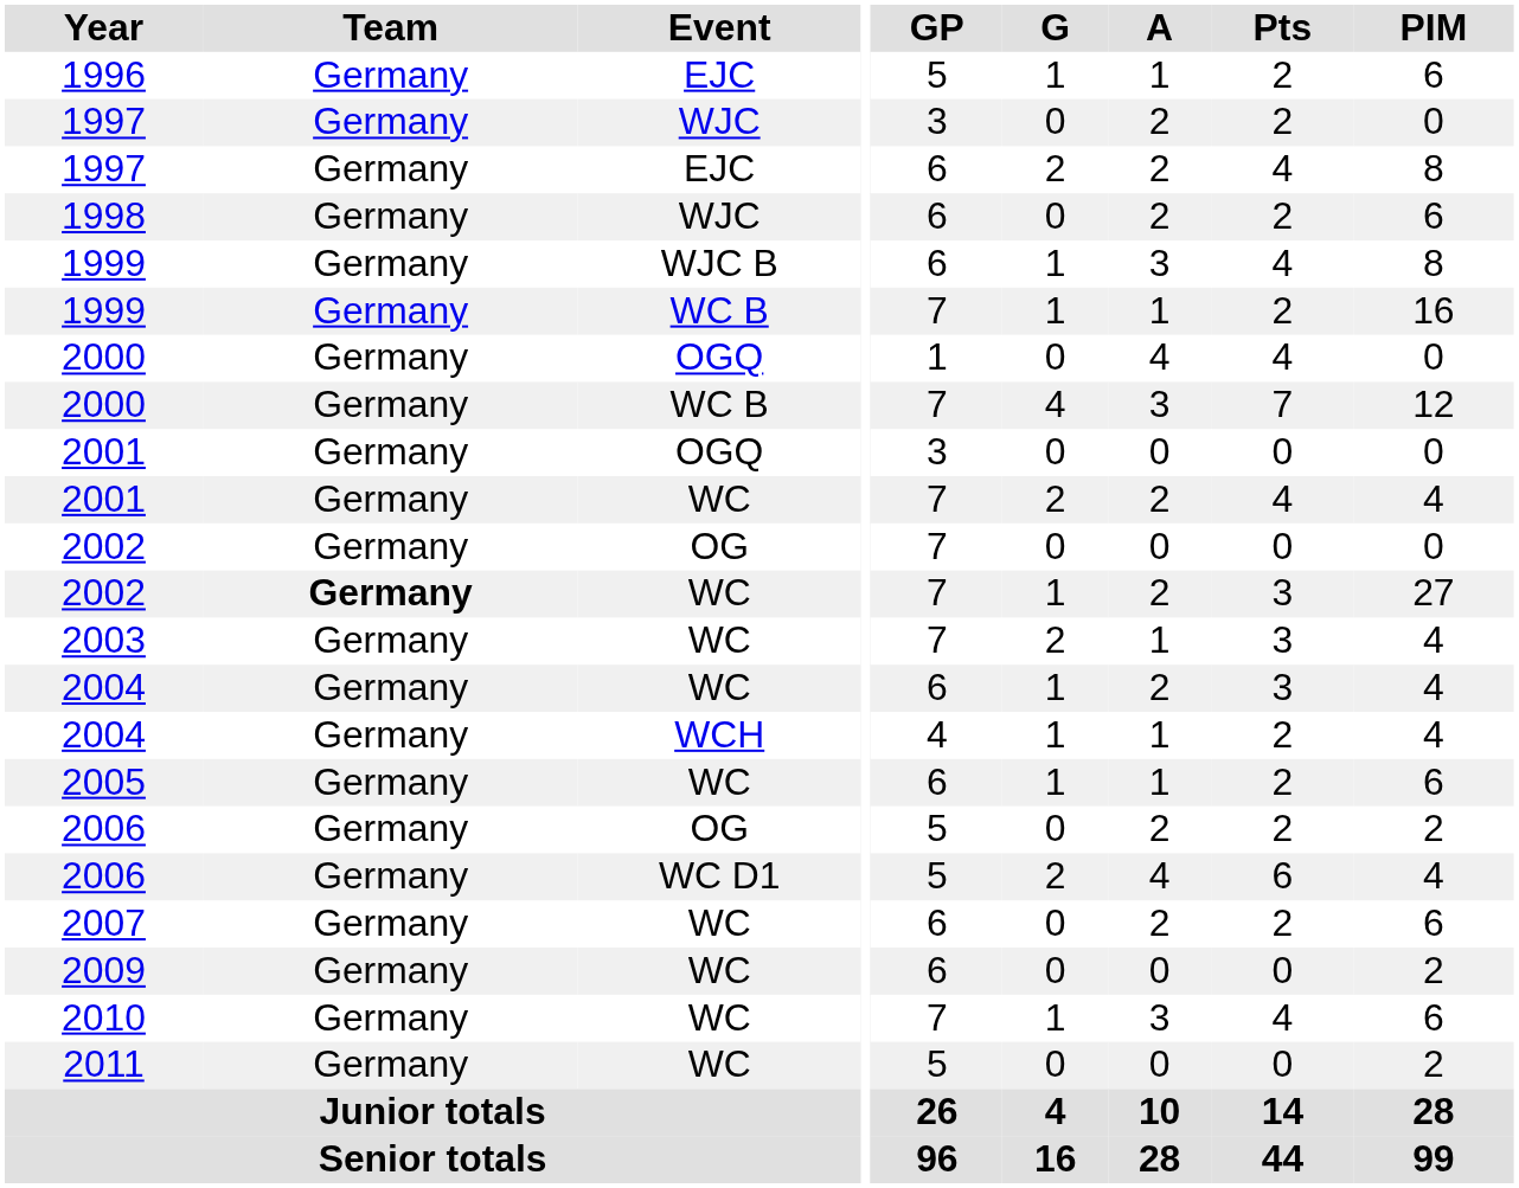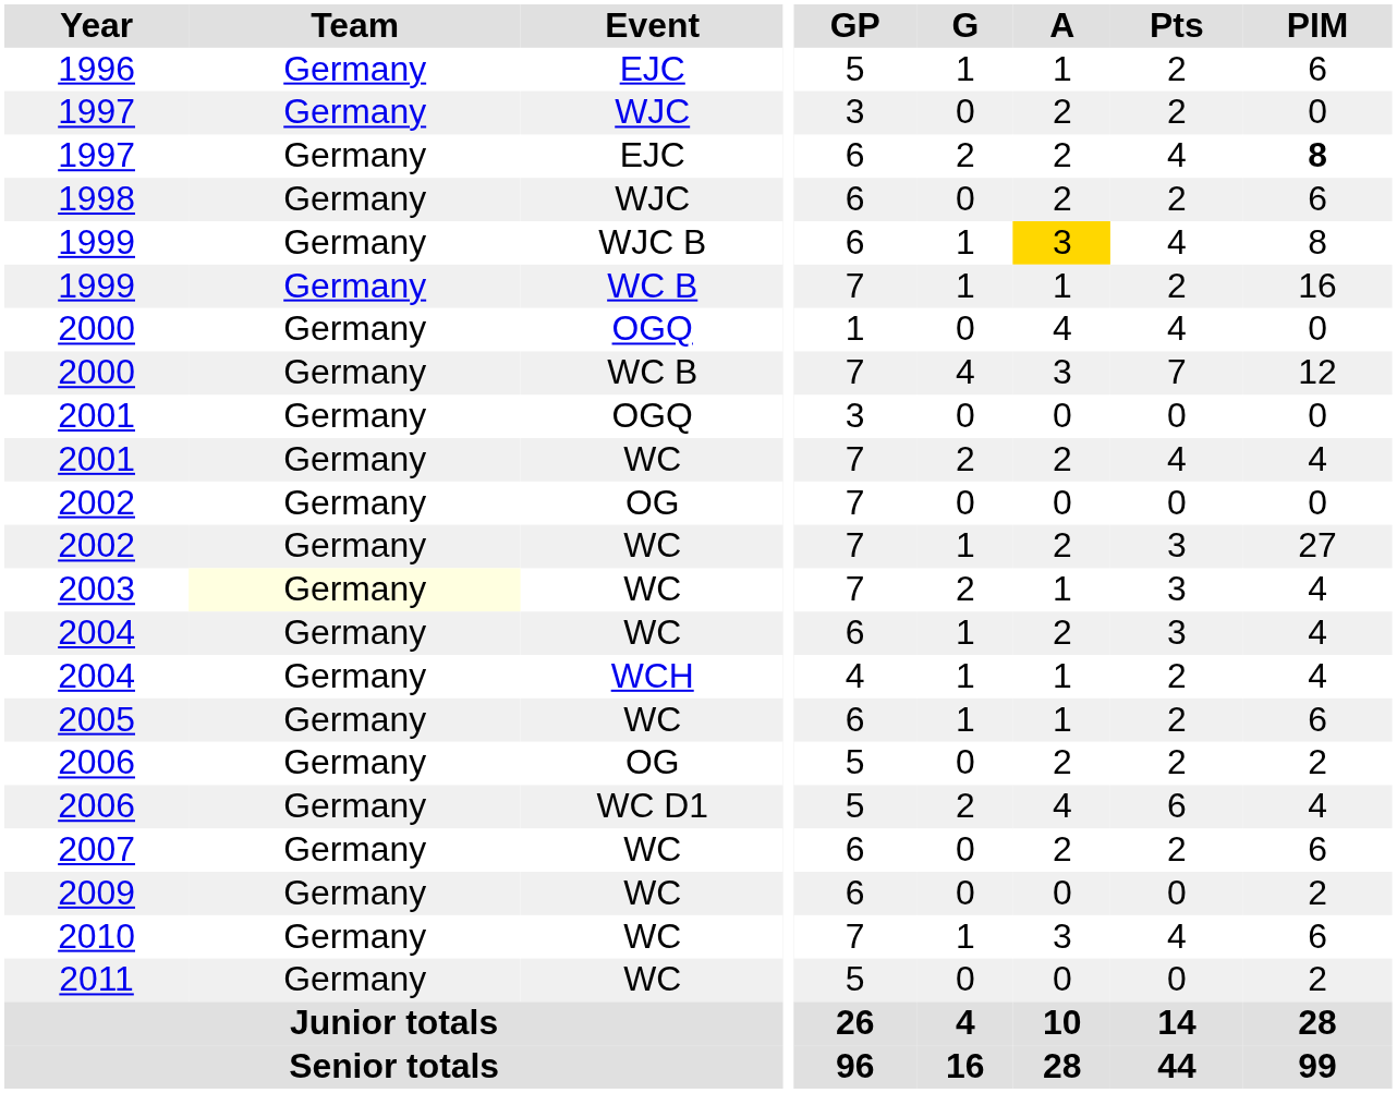 <table border="0" cellpadding="1" cellspacing="0" ID="Table3" style="text-align:center; width:40em">
 <tr ALIGN="center" bgcolor="#e0e0e0">
 <th>Year</th>
 <th>Team</th>
 <th>Event</th>
 <th rowspan="99" bgcolor="#ffffff"></th>
 <th>GP</th>
 <th>G</th>
 <th>A</th>
 <th>Pts</th>
 <th>PIM</th>
 </tr>
 <tr>
 <td><a href='#'>1996</a></td>
 <td><a href='#'>Germany</a></td>
 <td><a href='#'>EJC</a></td>
 <td>5</td>
 <td>1</td>
 <td>1</td>
 <td>2</td>
 <td>6</td>
 </tr>
 <tr bgcolor="#f0f0f0">
 <td><a href='#'>1997</a></td>
 <td><a href='#'>Germany</a></td>
 <td><a href='#'>WJC</a></td>
 <td>3</td>
 <td>0</td>
 <td>2</td>
 <td>2</td>
 <td>0</td>
 </tr>
 <tr>
 <td><a href='#'>1997</a></td>
 <td>Germany</td>
 <td>EJC</td>
 <td>6</td>
 <td>2</td>
 <td>2</td>
 <td>4</td>
-<td>8</td>
+<td><strong>8</strong></td>
 </tr>
 <tr bgcolor="#f0f0f0">
 <td><a href='#'>1998</a></td>
 <td>Germany</td>
 <td>WJC</td>
 <td>6</td>
 <td>0</td>
 <td>2</td>
 <td>2</td>
 <td>6</td>
 </tr>
 <tr>
 <td><a href='#'>1999</a></td>
 <td>Germany</td>
 <td>WJC B</td>
 <td>6</td>
 <td>1</td>
-<td>3</td>
+<td style="background: gold;">3</td>
 <td>4</td>
 <td>8</td>
 </tr>
 <tr bgcolor="#f0f0f0">
 <td><a href='#'>1999</a></td>
 <td><a href='#'>Germany</a></td>
 <td><a href='#'>WC B</a></td>
 <td>7</td>
 <td>1</td>
 <td>1</td>
 <td>2</td>
 <td>16</td>
 </tr>
 <tr>
 <td><a href='#'>2000</a></td>
 <td>Germany</td>
 <td><a href='#'>OGQ</a></td>
 <td>1</td>
 <td>0</td>
 <td>4</td>
 <td>4</td>
 <td>0</td>
 </tr>
 <tr bgcolor="#f0f0f0">
 <td><a href='#'>2000</a></td>
 <td>Germany</td>
 <td>WC B</td>
 <td>7</td>
 <td>4</td>
 <td>3</td>
 <td>7</td>
 <td>12</td>
 </tr>
 <tr>
 <td><a href='#'>2001</a></td>
 <td>Germany</td>
 <td>OGQ</td>
 <td>3</td>
 <td>0</td>
 <td>0</td>
 <td>0</td>
 <td>0</td>
 </tr>
 <tr bgcolor="#f0f0f0">
 <td><a href='#'>2001</a></td>
 <td>Germany</td>
 <td>WC</td>
 <td>7</td>
 <td>2</td>
 <td>2</td>
 <td>4</td>
 <td>4</td>
 </tr>
 <tr>
 <td><a href='#'>2002</a></td>
 <td>Germany</td>
 <td>OG</td>
 <td>7</td>
 <td>0</td>
 <td>0</td>
 <td>0</td>
 <td>0</td>
 </tr>
 <tr bgcolor="#f0f0f0">
 <td><a href='#'>2002</a></td>
-<td><strong>Germany</strong></td>
+<td>Germany</td>
 <td>WC</td>
 <td>7</td>
 <td>1</td>
 <td>2</td>
 <td>3</td>
 <td>27</td>
 </tr>
 <tr>
 <td><a href='#'>2003</a></td>
-<td>Germany</td>
+<td style="background: lightyellow;">Germany</td>
 <td>WC</td>
 <td>7</td>
 <td>2</td>
 <td>1</td>
 <td>3</td>
 <td>4</td>
 </tr>
 <tr bgcolor="#f0f0f0">
 <td><a href='#'>2004</a></td>
 <td>Germany</td>
 <td>WC</td>
 <td>6</td>
 <td>1</td>
 <td>2</td>
 <td>3</td>
 <td>4</td>
 </tr>
 <tr>
 <td><a href='#'>2004</a></td>
 <td>Germany</td>
 <td><a href='#'>WCH</a></td>
 <td>4</td>
 <td>1</td>
 <td>1</td>
 <td>2</td>
 <td>4</td>
 </tr>
 <tr bgcolor="#f0f0f0">
 <td><a href='#'>2005</a></td>
 <td>Germany</td>
 <td>WC</td>
 <td>6</td>
 <td>1</td>
 <td>1</td>
 <td>2</td>
 <td>6</td>
 </tr>
 <tr>
 <td><a href='#'>2006</a></td>
 <td>Germany</td>
 <td>OG</td>
 <td>5</td>
 <td>0</td>
 <td>2</td>
 <td>2</td>
 <td>2</td>
 </tr>
 <tr bgcolor="#f0f0f0">
 <td><a href='#'>2006</a></td>
 <td>Germany</td>
 <td>WC D1</td>
 <td>5</td>
 <td>2</td>
 <td>4</td>
 <td>6</td>
 <td>4</td>
 </tr>
 <tr>
 <td><a href='#'>2007</a></td>
 <td>Germany</td>
 <td>WC</td>
 <td>6</td>
 <td>0</td>
 <td>2</td>
 <td>2</td>
 <td>6</td>
 </tr>
 <tr bgcolor="#f0f0f0">
 <td><a href='#'>2009</a></td>
 <td>Germany</td>
 <td>WC</td>
 <td>6</td>
 <td>0</td>
 <td>0</td>
 <td>0</td>
 <td>2</td>
 </tr>
 <tr>
 <td><a href='#'>2010</a></td>
 <td>Germany</td>
 <td>WC</td>
 <td>7</td>
 <td>1</td>
 <td>3</td>
 <td>4</td>
 <td>6</td>
 </tr>
 <tr bgcolor="#f0f0f0">
 <td><a href='#'>2011</a></td>
 <td>Germany</td>
 <td>WC</td>
 <td>5</td>
 <td>0</td>
 <td>0</td>
 <td>0</td>
 <td>2</td>
 </tr>
 <tr bgcolor="#e0e0e0">
 <th colspan="3">Junior totals</th>
 <th>26</th>
 <th>4</th>
 <th>10</th>
 <th>14</th>
 <th>28</th>
 </tr>
 <tr bgcolor="#e0e0e0">
 <th colspan="3">Senior totals</th>
 <th>96</th>
 <th>16</th>
 <th>28</th>
 <th>44</th>
 <th>99</th>
 </tr>
 </table>
